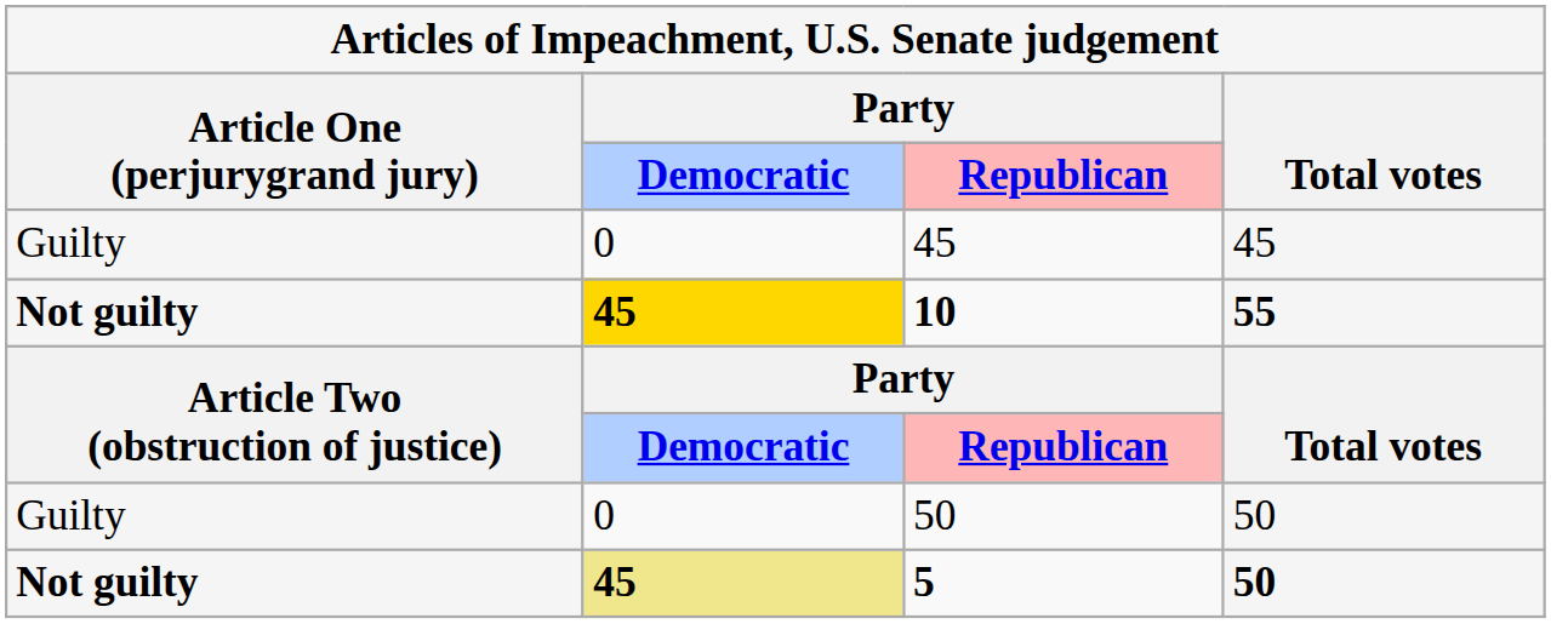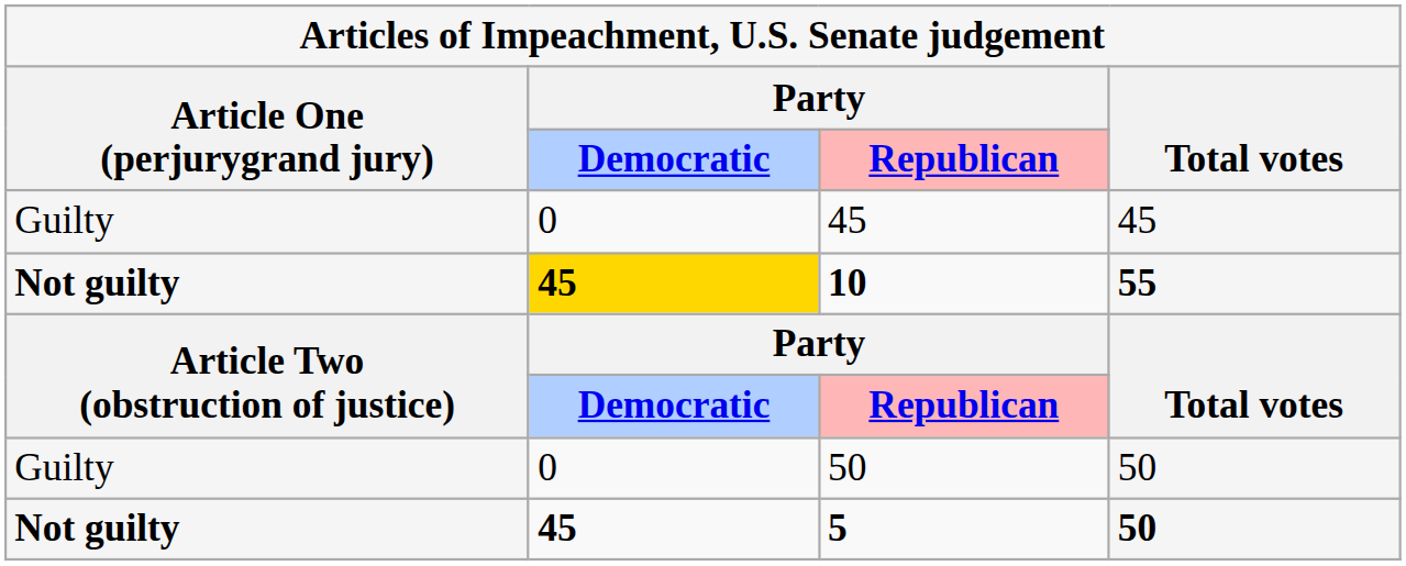 <table class="wikitable">
 <tr>
 <th colspan=4 style="background:#f5f5f5">Articles of Impeachment, U.S. Senate judgement<br></th>
 </tr>
 <tr style="vertical-align:bottom;">
 <th rowspan=2>Article One<br>(perjurygrand jury)</th>
 <th colspan=2>Party</th>
 <th rowspan=2>Total votes</th>
 </tr>
 <tr style="vertical-align:bottom;">
 <th style="background:#b0ceff;"><a href='#'>Democratic</a></th>
 <th style="background:#ffb6b6;"><a href='#'>Republican</a></th>
 </tr>
 <tr>
 <td style="width: 13em; background:#F5F5F5">Guilty</td>
 <td style="width: 7em;">0</td>
 <td style="width: 7em;">45</td>
 <td style="width: 7em; background:#F5F5F5">45</td>
 </tr>
 <tr>
 <td style="background:#F5F5F5"><strong>Not guilty</strong></td>
 <td style="background: gold;"><strong>45</strong></td>
 <td><strong>10</strong></td>
 <td style="background:#F5F5F5"><strong>55</strong></td>
 </tr>
 <tr style="vertical-align:bottom;">
 <th rowspan=2>Article Two<br>(obstruction of justice)</th>
 <th colspan=2>Party</th>
 <th rowspan=2>Total votes</th>
 </tr>
 <tr style="vertical-align:bottom;">
 <th style="background:#b0ceff;"><a href='#'>Democratic</a></th>
 <th style="background:#ffb6b6;"><a href='#'>Republican</a></th>
 </tr>
 <tr>
 <td style="width: 13em; background:#F5F5F5">Guilty</td>
 <td style="width: 7em;">0</td>
 <td style="width: 7em;">50</td>
 <td style="width: 7em; background:#F5F5F5">50</td>
 </tr>
 <tr>
 <td style="background:#F5F5F5"><strong>Not guilty</strong></td>
-<td style="background: khaki;"><strong>45</strong></td>
+<td><strong>45</strong></td>
 <td><strong>5</strong></td>
 <td style="background:#F5F5F5"><strong>50</strong></td>
 </tr>
 </table>
